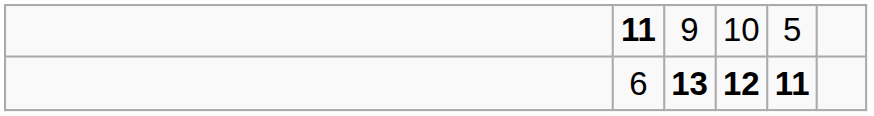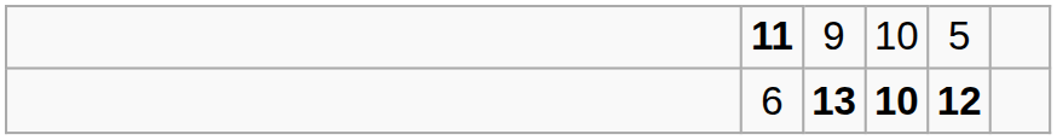 <table class="wikitable">
 <tr>
 <td style="width:18em"></td>
 <td align=center style="width:1em"><strong>11</strong></td>
 <td align=center style="width:1em">9</td>
 <td align=center style="width:1em">10</td>
 <td align=center style="width:1em">5</td>
 <td align=center style="width:1em"></td>
 </tr>
 <tr>
 <td style="width:18em"><strong></strong></td>
 <td align=center style="width:1em">6</td>
 <td align=center style="width:1em"><strong>13</strong></td>
+<td align=center style="width:1em"><strong>10</strong></td>
 <td align=center style="width:1em"><strong>12</strong></td>
-<td align=center style="width:1em"><strong>11</strong></td>
 <td align=center style="width:1em"></td>
 </tr>
 </table>
